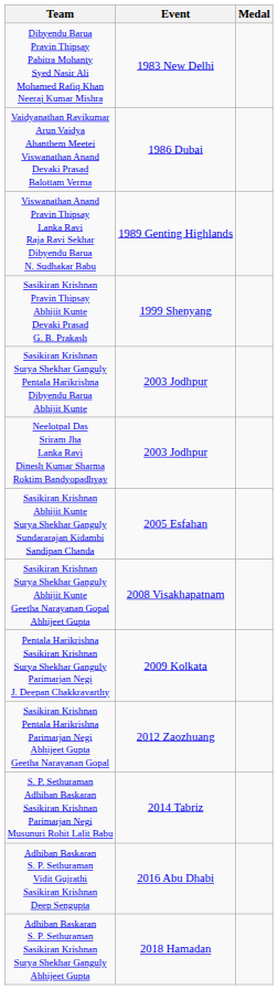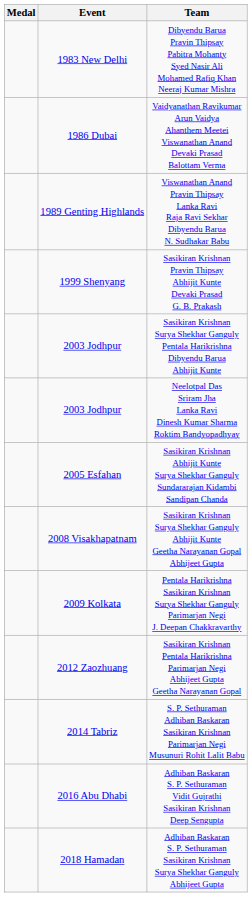 <table class="wikitable sortable" style="text-align:center">
 <tr>
+<th>Medal</th>
+<th>Event</th>
 <th>Team</th>
-<th>Event</th>
-<th>Medal</th>
 </tr>
 <tr>
+<td></td>
+<td><a href='#'>1983 New Delhi</a></td>
 <td><small><a href='#'>Dibyendu Barua</a><br><a href='#'>Pravin Thipsay</a><br><a href='#'>Pabitra Mohanty</a><br><a href='#'>Syed Nasir Ali</a><br><a href='#'>Mohamed Rafiq Khan</a><br><a href='#'>Neeraj Kumar Mishra</a></small></td>
-<td><a href='#'>1983 New Delhi</a></td>
-<td></td>
 </tr>
 <tr>
+<td></td>
+<td><a href='#'>1986 Dubai</a></td>
 <td><small><a href='#'>Vaidyanathan Ravikumar</a><br><a href='#'>Arun Vaidya</a><br><a href='#'>Ahanthem Meetei</a><br><a href='#'>Viswanathan Anand</a><br><a href='#'>Devaki Prasad</a><br><a href='#'>Balottam Verma</a></small></td>
-<td><a href='#'>1986 Dubai</a></td>
-<td></td>
 </tr>
 <tr>
+<td></td>
+<td><a href='#'>1989 Genting Highlands</a></td>
 <td><small><a href='#'>Viswanathan Anand</a><br><a href='#'>Pravin Thipsay</a><br><a href='#'>Lanka Ravi</a><br><a href='#'>Raja Ravi Sekhar</a><br><a href='#'>Dibyendu Barua</a><br><a href='#'>N. Sudhakar Babu</a></small></td>
-<td><a href='#'>1989 Genting Highlands</a></td>
-<td></td>
 </tr>
 <tr>
+<td></td>
+<td><a href='#'>1999 Shenyang</a></td>
 <td><small><a href='#'>Sasikiran Krishnan</a><br><a href='#'>Pravin Thipsay</a><br><a href='#'>Abhijit Kunte</a><br><a href='#'>Devaki Prasad</a><br><a href='#'>G. B. Prakash</a></small></td>
-<td><a href='#'>1999 Shenyang</a></td>
-<td></td>
 </tr>
 <tr>
+<td></td>
+<td><a href='#'>2003 Jodhpur</a></td>
 <td><small><a href='#'>Sasikiran Krishnan</a><br><a href='#'>Surya Shekhar Ganguly</a><br><a href='#'>Pentala Harikrishna</a><br><a href='#'>Dibyendu Barua</a><br><a href='#'>Abhijit Kunte</a></small></td>
-<td><a href='#'>2003 Jodhpur</a></td>
-<td></td>
 </tr>
 <tr>
+<td></td>
+<td><a href='#'>2003 Jodhpur</a></td>
 <td><small><a href='#'>Neelotpal Das</a><br><a href='#'>Sriram Jha</a><br><a href='#'>Lanka Ravi</a><br><a href='#'>Dinesh Kumar Sharma</a><br><a href='#'>Roktim Bandyopadhyay</a></small></td>
-<td><a href='#'>2003 Jodhpur</a></td>
-<td></td>
 </tr>
 <tr>
+<td></td>
+<td><a href='#'>2005 Esfahan</a></td>
 <td><small><a href='#'>Sasikiran Krishnan</a><br><a href='#'>Abhijit Kunte</a><br><a href='#'>Surya Shekhar Ganguly</a><br><a href='#'>Sundararajan Kidambi</a><br><a href='#'>Sandipan Chanda</a></small></td>
-<td><a href='#'>2005 Esfahan</a></td>
-<td></td>
 </tr>
 <tr>
+<td></td>
+<td><a href='#'>2008 Visakhapatnam</a></td>
 <td><small><a href='#'>Sasikiran Krishnan</a><br><a href='#'>Surya Shekhar Ganguly</a><br><a href='#'>Abhijit Kunte</a><br><a href='#'>Geetha Narayanan Gopal</a><br><a href='#'>Abhijeet Gupta</a></small></td>
-<td><a href='#'>2008 Visakhapatnam</a></td>
-<td></td>
 </tr>
 <tr>
+<td></td>
+<td><a href='#'>2009 Kolkata</a></td>
 <td><small><a href='#'>Pentala Harikrishna</a><br><a href='#'>Sasikiran Krishnan</a><br><a href='#'>Surya Shekhar Ganguly</a><br><a href='#'>Parimarjan Negi</a><br><a href='#'>J. Deepan Chakkravarthy</a></small></td>
-<td><a href='#'>2009 Kolkata</a></td>
-<td></td>
 </tr>
 <tr>
+<td></td>
+<td><a href='#'>2012 Zaozhuang</a></td>
 <td><small><a href='#'>Sasikiran Krishnan</a><br><a href='#'>Pentala Harikrishna</a><br><a href='#'>Parimarjan Negi</a><br><a href='#'>Abhijeet Gupta</a><br><a href='#'>Geetha Narayanan Gopal</a></small></td>
-<td><a href='#'>2012 Zaozhuang</a></td>
-<td></td>
 </tr>
 <tr>
+<td></td>
+<td><a href='#'>2014 Tabriz</a></td>
 <td><small><a href='#'>S. P. Sethuraman</a><br><a href='#'>Adhiban Baskaran</a><br><a href='#'>Sasikiran Krishnan</a><br><a href='#'>Parimarjan Negi</a><br><a href='#'>Musunuri Rohit Lalit Babu</a></small></td>
-<td><a href='#'>2014 Tabriz</a></td>
-<td></td>
 </tr>
 <tr>
+<td></td>
+<td><a href='#'>2016 Abu Dhabi</a></td>
 <td><small><a href='#'>Adhiban Baskaran</a><br><a href='#'>S. P. Sethuraman</a><br><a href='#'>Vidit Gujrathi</a><br><a href='#'>Sasikiran Krishnan</a><br><a href='#'>Deep Sengupta</a></small></td>
-<td><a href='#'>2016 Abu Dhabi</a></td>
-<td></td>
 </tr>
 <tr>
+<td></td>
+<td><a href='#'>2018 Hamadan</a></td>
 <td><small><a href='#'>Adhiban Baskaran</a><br><a href='#'>S. P. Sethuraman</a><br><a href='#'>Sasikiran Krishnan</a><br><a href='#'>Surya Shekhar Ganguly</a><br><a href='#'>Abhijeet Gupta</a></small></td>
-<td><a href='#'>2018 Hamadan</a></td>
-<td></td>
 </tr>
 </table>
